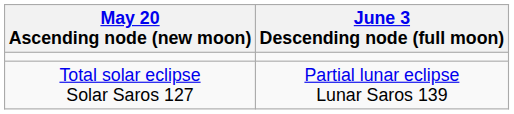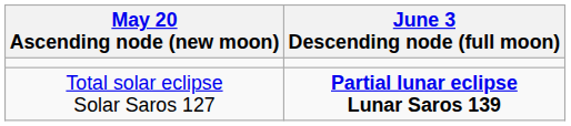 <table class="wikitable">
 <tr>
 <th><a href='#'>May 20</a><br>Ascending node (new moon)</th>
 <th><a href='#'>June 3</a><br>Descending node (full moon)</th>
 </tr>
 <tr>
 <td></td>
 <td></td>
 </tr>
 <tr align=center>
 <td><a href='#'>Total solar eclipse</a><br>Solar Saros 127</td>
-<td><a href='#'>Partial lunar eclipse</a><br>Lunar Saros 139</td>
+<td><strong><a href='#'>Partial lunar eclipse</a><br>Lunar Saros 139</strong></td>
 </tr>
 </table>
